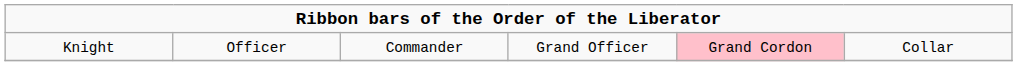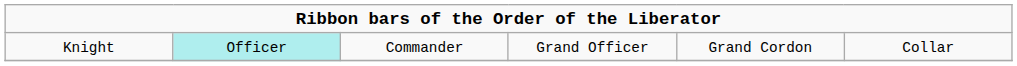 <table class="wikitable" style="margin:1em auto; width:60%; text-align:center;">
 <tr>
 <td colspan="6"><strong>Ribbon bars of the Order of the Liberator</strong></td>
 </tr>
 <tr style="vertical-align:top;">
 <td style="width:15%;"><small>Knight</small></td>
-<td style="width:15%;"><small>Officer</small></td>
+<td style="background: paleturquoise; width:15%;"><small>Officer</small></td>
 <td style="width:15%;"><small>Commander</small></td>
 <td style="width:15%;"><small>Grand Officer</small></td>
-<td style="background: pink; width:15%;"><small>Grand Cordon</small></td>
+<td style="width:15%;"><small>Grand Cordon</small></td>
 <td style="width:15%;"><small>Collar</small></td>
 </tr>
 <tr>
 </tr>
 </table>
